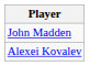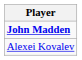 <table class="wikitable">
 <tr>
 <th>Player</th>
 </tr>
 <tr>
-<td><a href='#'>John Madden</a></td>
+<td><strong><a href='#'>John Madden</a></strong></td>
 </tr>
 <tr>
 <td><a href='#'>Alexei Kovalev</a></td>
 </tr>
 </table>
